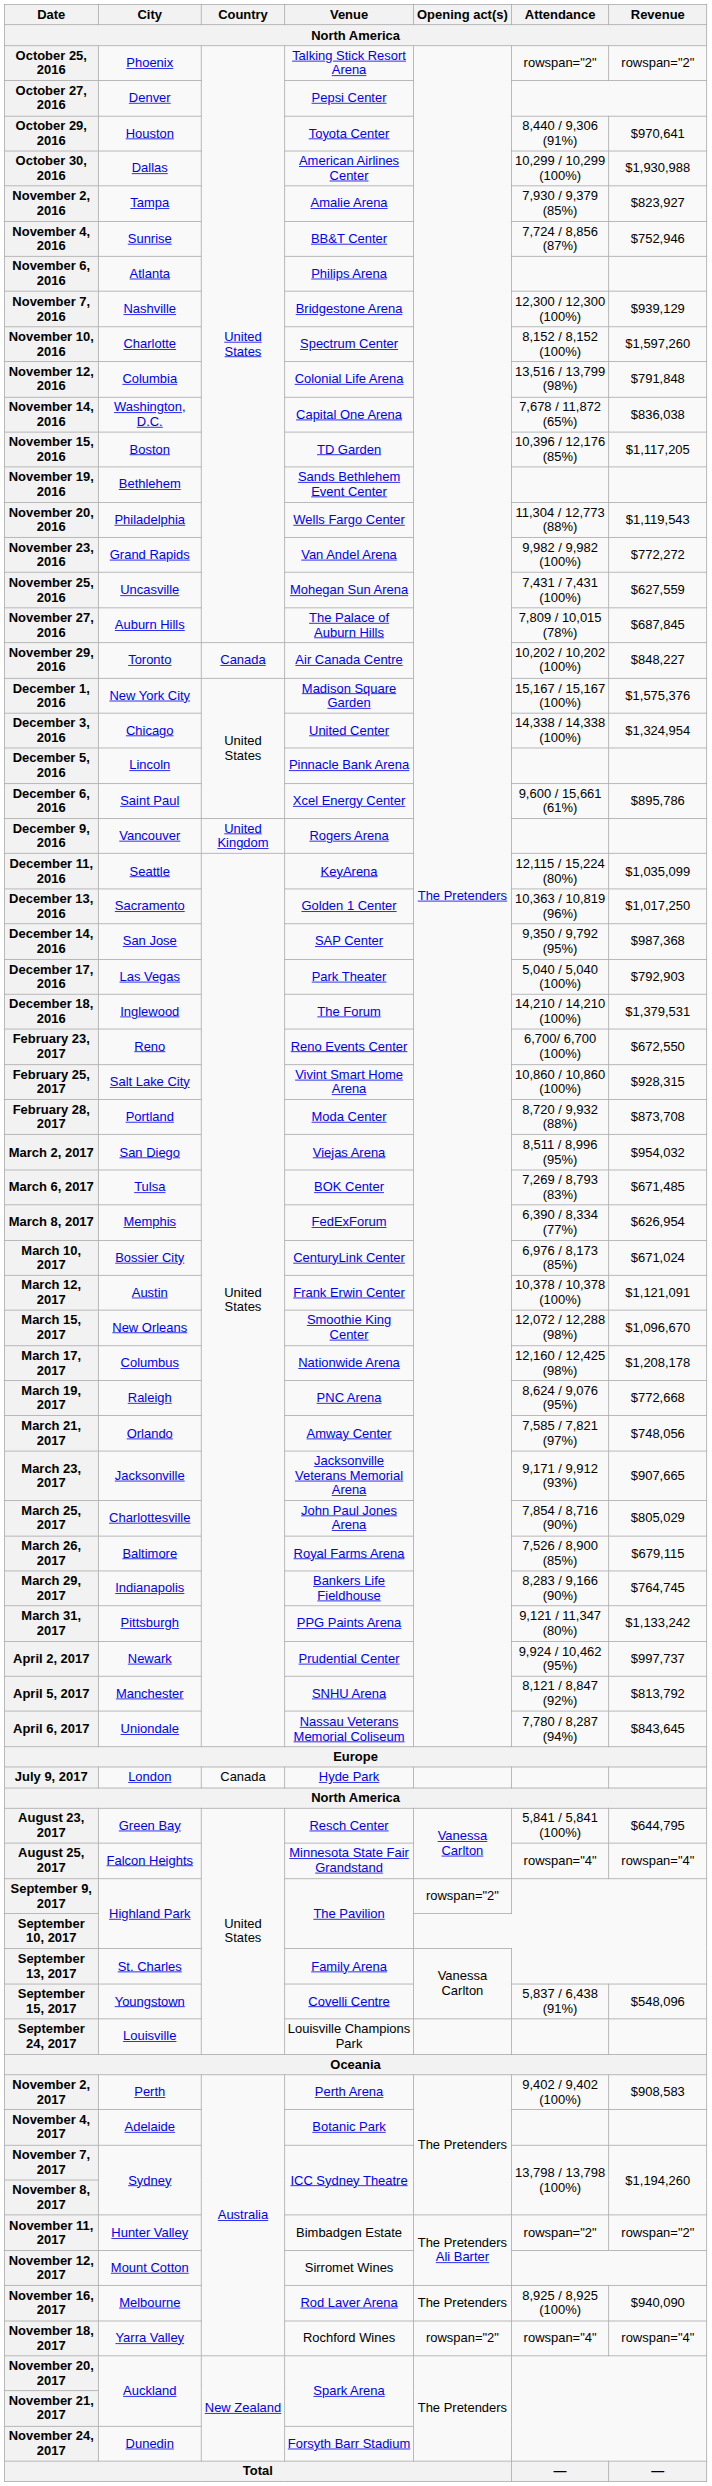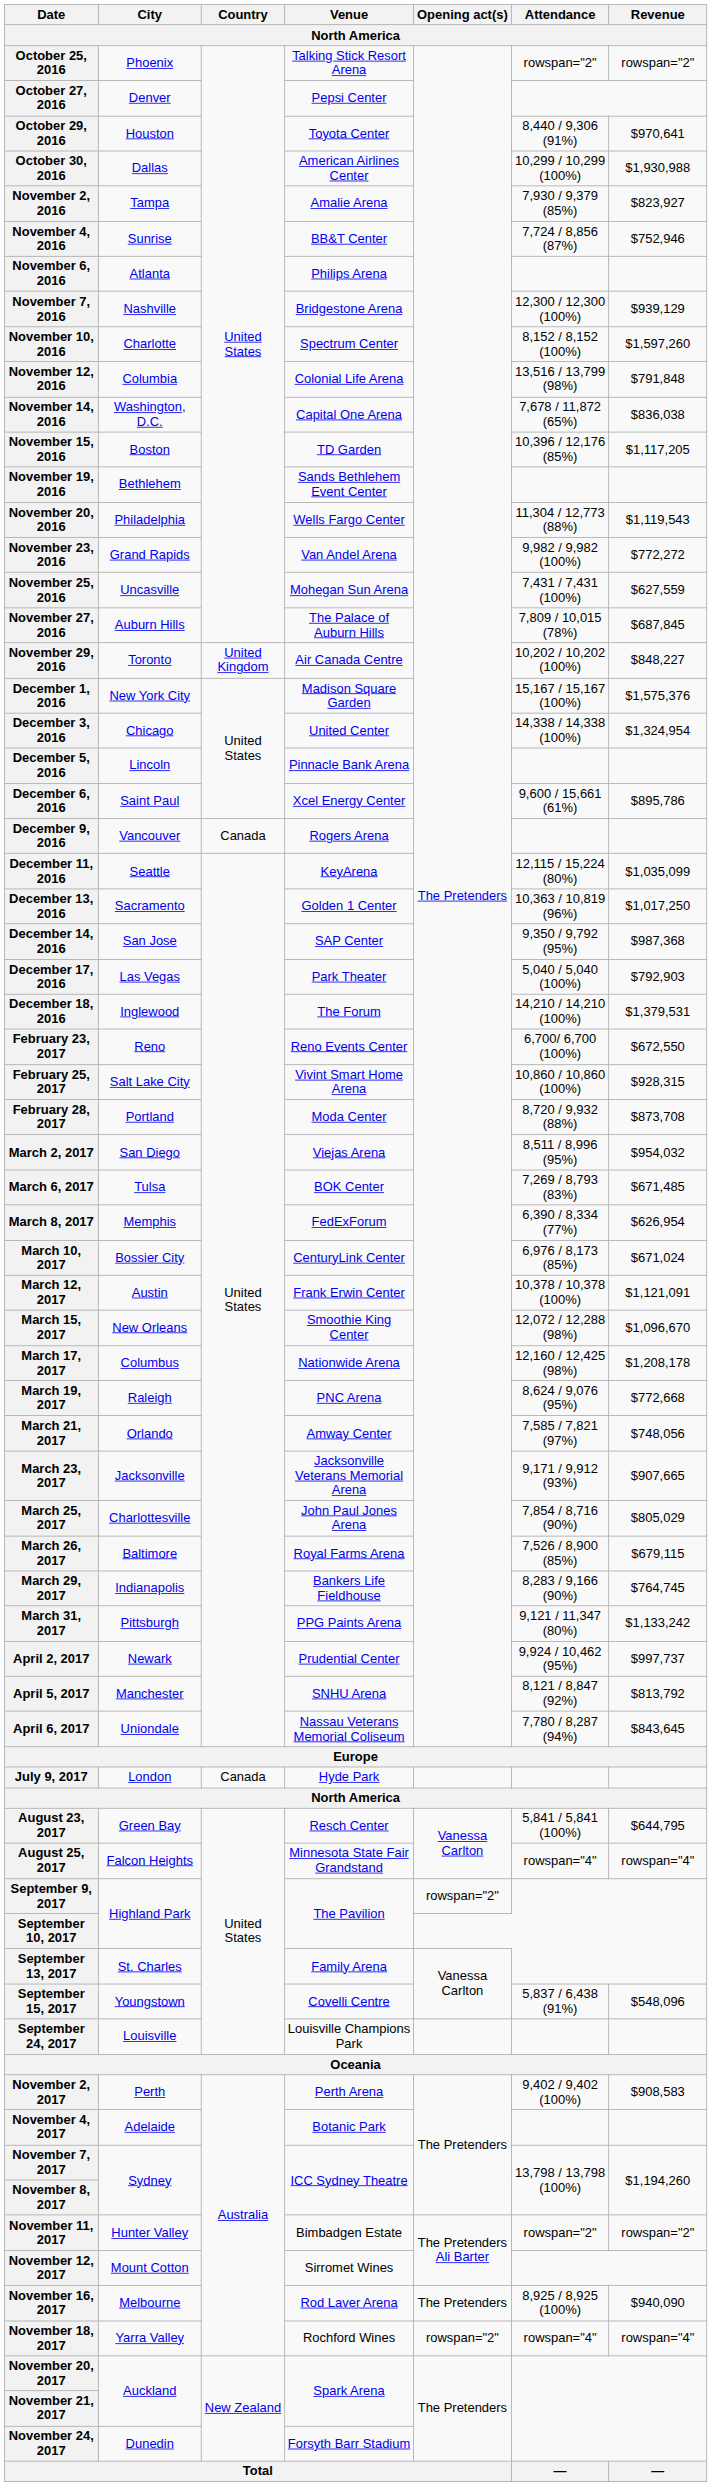 <table class="wikitable plainrowheaders" style="text-align: center;">
 <tr>
 <th scope="col" style="width:10em;">Date</th>
 <th scope="col" style="width:10em;">City</th>
 <th scope="col" style="width:10em;">Country</th>
 <th scope="col" style="width:17em;">Venue</th>
 <th scope="col" style="width:10em;">Opening act(s)</th>
 <th scope="col" style="width:10em;">Attendance</th>
 <th scope="col" style="width:10em;">Revenue</th>
 </tr>
 <tr>
 <th colspan="7">North America</th>
 </tr>
 <tr>
 <th scope="row" style="text-align:center;">October 25, 2016</th>
 <td><a href='#'>Phoenix</a></td>
 <td rowspan="17"><a href='#'>United States</a></td>
 <td><a href='#'>Talking Stick Resort Arena</a></td>
 <td rowspan="48"><a href='#'>The Pretenders</a></td>
 <td>rowspan="2" </td>
 <td>rowspan="2" </td>
 </tr>
 <tr>
 <th scope="row" style="text-align:center;">October 27, 2016</th>
 <td><a href='#'>Denver</a></td>
 <td><a href='#'>Pepsi Center</a></td>
 </tr>
 <tr>
 <th scope="row" style="text-align:center;">October 29, 2016</th>
 <td><a href='#'>Houston</a></td>
 <td><a href='#'>Toyota Center</a></td>
 <td>8,440 / 9,306 (91%)</td>
 <td>$970,641</td>
 </tr>
 <tr>
 <th scope="row" style="text-align:center;">October 30, 2016</th>
 <td><a href='#'>Dallas</a></td>
 <td><a href='#'>American Airlines Center</a></td>
 <td>10,299 / 10,299 (100%)</td>
 <td>$1,930,988</td>
 </tr>
 <tr>
 <th scope="row" style="text-align:center;">November 2, 2016</th>
 <td><a href='#'>Tampa</a></td>
 <td><a href='#'>Amalie Arena</a></td>
 <td>7,930 / 9,379 (85%)</td>
 <td>$823,927</td>
 </tr>
 <tr>
 <th scope="row" style="text-align:center;">November 4, 2016</th>
 <td><a href='#'>Sunrise</a></td>
 <td><a href='#'>BB&T Center</a></td>
 <td>7,724 / 8,856 (87%)</td>
 <td>$752,946</td>
 </tr>
 <tr>
 <th scope="row" style="text-align:center;">November 6, 2016</th>
 <td><a href='#'>Atlanta</a></td>
 <td><a href='#'>Philips Arena</a></td>
 <td></td>
 <td></td>
 </tr>
 <tr>
 <th scope="row" style="text-align:center;">November 7, 2016</th>
 <td><a href='#'>Nashville</a></td>
 <td><a href='#'>Bridgestone Arena</a></td>
 <td>12,300 / 12,300 (100%)</td>
 <td>$939,129</td>
 </tr>
 <tr>
 <th scope="row" style="text-align:center;">November 10, 2016</th>
 <td><a href='#'>Charlotte</a></td>
 <td><a href='#'>Spectrum Center</a></td>
 <td>8,152 / 8,152 (100%)</td>
 <td>$1,597,260</td>
 </tr>
 <tr>
 <th scope="row" style="text-align:center;">November 12, 2016</th>
 <td><a href='#'>Columbia</a></td>
 <td><a href='#'>Colonial Life Arena</a></td>
 <td>13,516 / 13,799 (98%)</td>
 <td>$791,848</td>
 </tr>
 <tr>
 <th scope="row" style="text-align:center;">November 14, 2016</th>
 <td><a href='#'>Washington, D.C.</a></td>
 <td><a href='#'>Capital One Arena</a></td>
 <td>7,678 / 11,872 (65%)</td>
 <td>$836,038</td>
 </tr>
 <tr>
 <th scope="row" style="text-align:center;">November 15, 2016</th>
 <td><a href='#'>Boston</a></td>
 <td><a href='#'>TD Garden</a></td>
 <td>10,396 / 12,176 (85%)</td>
 <td>$1,117,205</td>
 </tr>
 <tr>
 <th scope="row" style="text-align:center;">November 19, 2016</th>
 <td><a href='#'>Bethlehem</a></td>
 <td><a href='#'>Sands Bethlehem Event Center</a></td>
 <td></td>
 <td></td>
 </tr>
 <tr>
 <th scope="row" style="text-align:center;">November 20, 2016</th>
 <td><a href='#'>Philadelphia</a></td>
 <td><a href='#'>Wells Fargo Center</a></td>
 <td>11,304 / 12,773 (88%)</td>
 <td>$1,119,543</td>
 </tr>
 <tr>
 <th scope="row" style="text-align:center;">November 23, 2016</th>
 <td><a href='#'>Grand Rapids</a></td>
 <td><a href='#'>Van Andel Arena</a></td>
 <td>9,982 / 9,982 (100%)</td>
 <td>$772,272</td>
 </tr>
 <tr>
 <th scope="row" style="text-align:center;">November 25, 2016</th>
 <td><a href='#'>Uncasville</a></td>
 <td><a href='#'>Mohegan Sun Arena</a></td>
 <td>7,431 / 7,431 (100%)</td>
 <td>$627,559</td>
 </tr>
 <tr>
 <th scope="row" style="text-align:center;">November 27, 2016</th>
 <td><a href='#'>Auburn Hills</a></td>
 <td><a href='#'>The Palace of Auburn Hills</a></td>
 <td>7,809 / 10,015 (78%)</td>
 <td>$687,845</td>
 </tr>
 <tr>
 <th scope="row" style="text-align:center;">November 29, 2016</th>
 <td><a href='#'>Toronto</a></td>
-<td><a href='#'>Canada</a></td>
+<td><a href='#'>United Kingdom</a></td>
 <td><a href='#'>Air Canada Centre</a></td>
 <td>10,202 / 10,202 (100%)</td>
 <td>$848,227</td>
 </tr>
 <tr>
 <th scope="row" style="text-align:center;">December 1, 2016</th>
 <td><a href='#'>New York City</a></td>
 <td rowspan="4">United States</td>
 <td><a href='#'>Madison Square Garden</a></td>
 <td>15,167 / 15,167 (100%)</td>
 <td>$1,575,376</td>
 </tr>
 <tr>
 <th scope="row" style="text-align:center;">December 3, 2016</th>
 <td><a href='#'>Chicago</a></td>
 <td><a href='#'>United Center</a></td>
 <td>14,338 / 14,338 (100%)</td>
 <td>$1,324,954</td>
 </tr>
 <tr>
 <th scope="row" style="text-align:center;">December 5, 2016</th>
 <td><a href='#'>Lincoln</a></td>
 <td><a href='#'>Pinnacle Bank Arena</a></td>
 <td></td>
 <td></td>
 </tr>
 <tr>
 <th scope="row" style="text-align:center;">December 6, 2016</th>
 <td><a href='#'>Saint Paul</a></td>
 <td><a href='#'>Xcel Energy Center</a></td>
 <td>9,600 / 15,661 (61%)</td>
 <td>$895,786</td>
 </tr>
 <tr>
 <th scope="row" style="text-align:center;">December 9, 2016</th>
 <td><a href='#'>Vancouver</a></td>
-<td><a href='#'>United Kingdom</a></td>
+<td>Canada</td>
 <td><a href='#'>Rogers Arena</a></td>
 <td></td>
 <td></td>
 </tr>
 <tr>
 <th scope="row" style="text-align:center;">December 11, 2016</th>
 <td><a href='#'>Seattle</a></td>
 <td rowspan="25">United States</td>
 <td><a href='#'>KeyArena</a></td>
 <td>12,115 / 15,224 (80%)</td>
 <td>$1,035,099</td>
 </tr>
 <tr>
 <th scope="row" style="text-align:center;">December 13, 2016</th>
 <td><a href='#'>Sacramento</a></td>
 <td><a href='#'>Golden 1 Center</a></td>
 <td>10,363 / 10,819 (96%)</td>
 <td>$1,017,250</td>
 </tr>
 <tr>
 <th scope="row" style="text-align:center;">December 14, 2016</th>
 <td><a href='#'>San Jose</a></td>
 <td><a href='#'>SAP Center</a></td>
 <td>9,350 / 9,792 (95%)</td>
 <td>$987,368</td>
 </tr>
 <tr>
 <th scope="row" style="text-align:center;">December 17, 2016</th>
 <td><a href='#'>Las Vegas</a></td>
 <td><a href='#'>Park Theater</a></td>
 <td>5,040 / 5,040 (100%)</td>
 <td>$792,903</td>
 </tr>
 <tr>
 <th scope="row" style="text-align:center;">December 18, 2016</th>
 <td><a href='#'>Inglewood</a></td>
 <td><a href='#'>The Forum</a></td>
 <td>14,210 / 14,210 (100%)</td>
 <td>$1,379,531</td>
 </tr>
 <tr>
 <th scope="row" style="text-align:center;">February 23, 2017</th>
 <td><a href='#'>Reno</a></td>
 <td><a href='#'>Reno Events Center</a></td>
 <td>6,700/ 6,700 (100%)</td>
 <td>$672,550</td>
 </tr>
 <tr>
 <th scope="row" style="text-align:center;">February 25, 2017</th>
 <td><a href='#'>Salt Lake City</a></td>
 <td><a href='#'>Vivint Smart Home Arena</a></td>
 <td>10,860 / 10,860 (100%)</td>
 <td>$928,315</td>
 </tr>
 <tr>
 <th scope="row" style="text-align:center;">February 28, 2017</th>
 <td><a href='#'>Portland</a></td>
 <td><a href='#'>Moda Center</a></td>
 <td>8,720 / 9,932 (88%)</td>
 <td>$873,708</td>
 </tr>
 <tr>
 <th scope="row" style="text-align:center;">March 2, 2017</th>
 <td><a href='#'>San Diego</a></td>
 <td><a href='#'>Viejas Arena</a></td>
 <td>8,511 / 8,996 (95%)</td>
 <td>$954,032</td>
 </tr>
 <tr>
 <th scope="row" style="text-align:center;">March 6, 2017</th>
 <td><a href='#'>Tulsa</a></td>
 <td><a href='#'>BOK Center</a></td>
 <td>7,269 / 8,793 (83%)</td>
 <td>$671,485</td>
 </tr>
 <tr>
 <th scope="row" style="text-align:center;">March 8, 2017</th>
 <td><a href='#'>Memphis</a></td>
 <td><a href='#'>FedExForum</a></td>
 <td>6,390 / 8,334 (77%)</td>
 <td>$626,954</td>
 </tr>
 <tr>
 <th scope="row" style="text-align:center;">March 10, 2017</th>
 <td><a href='#'>Bossier City</a></td>
 <td><a href='#'>CenturyLink Center</a></td>
 <td>6,976 / 8,173 (85%)</td>
 <td>$671,024</td>
 </tr>
 <tr>
 <th scope="row" style="text-align:center;">March 12, 2017</th>
 <td><a href='#'>Austin</a></td>
 <td><a href='#'>Frank Erwin Center</a></td>
 <td>10,378 / 10,378 (100%)</td>
 <td>$1,121,091</td>
 </tr>
 <tr>
 <th scope="row" style="text-align:center;">March 15, 2017</th>
 <td><a href='#'>New Orleans</a></td>
 <td><a href='#'>Smoothie King Center</a></td>
 <td>12,072 / 12,288 (98%)</td>
 <td>$1,096,670</td>
 </tr>
 <tr>
 <th scope="row" style="text-align:center;">March 17, 2017</th>
 <td><a href='#'>Columbus</a></td>
 <td><a href='#'>Nationwide Arena</a></td>
 <td>12,160 / 12,425 (98%)</td>
 <td>$1,208,178</td>
 </tr>
 <tr>
 <th scope="row" style="text-align:center;">March 19, 2017</th>
 <td><a href='#'>Raleigh</a></td>
 <td><a href='#'>PNC Arena</a></td>
 <td>8,624 / 9,076 (95%)</td>
 <td>$772,668</td>
 </tr>
 <tr>
 <th scope="row" style="text-align:center;">March 21, 2017</th>
 <td><a href='#'>Orlando</a></td>
 <td><a href='#'>Amway Center</a></td>
 <td>7,585 / 7,821 (97%)</td>
 <td>$748,056</td>
 </tr>
 <tr>
 <th scope="row" style="text-align:center;">March 23, 2017</th>
 <td><a href='#'>Jacksonville</a></td>
 <td><a href='#'>Jacksonville Veterans Memorial Arena</a></td>
 <td>9,171 / 9,912 (93%)</td>
 <td>$907,665</td>
 </tr>
 <tr>
 <th scope="row" style="text-align:center;">March 25, 2017</th>
 <td><a href='#'>Charlottesville</a></td>
 <td><a href='#'>John Paul Jones Arena</a></td>
 <td>7,854 / 8,716 (90%)</td>
 <td>$805,029</td>
 </tr>
 <tr>
 <th scope="row" style="text-align:center;">March 26, 2017</th>
 <td><a href='#'>Baltimore</a></td>
 <td><a href='#'>Royal Farms Arena</a></td>
 <td>7,526 / 8,900 (85%)</td>
 <td>$679,115</td>
 </tr>
 <tr>
 <th scope="row" style="text-align:center;">March 29, 2017</th>
 <td><a href='#'>Indianapolis</a></td>
 <td><a href='#'>Bankers Life Fieldhouse</a></td>
 <td>8,283 / 9,166 (90%)</td>
 <td>$764,745</td>
 </tr>
 <tr>
 <th scope="row" style="text-align:center;">March 31, 2017</th>
 <td><a href='#'>Pittsburgh</a></td>
 <td><a href='#'>PPG Paints Arena</a></td>
 <td>9,121 / 11,347 (80%)</td>
 <td>$1,133,242</td>
 </tr>
 <tr>
 <th scope="row" style="text-align:center;">April 2, 2017</th>
 <td><a href='#'>Newark</a></td>
 <td><a href='#'>Prudential Center</a></td>
 <td>9,924 / 10,462 (95%)</td>
 <td>$997,737</td>
 </tr>
 <tr>
 <th scope="row" style="text-align:center;">April 5, 2017</th>
 <td><a href='#'>Manchester</a></td>
 <td><a href='#'>SNHU Arena</a></td>
 <td>8,121 / 8,847 (92%)</td>
 <td>$813,792</td>
 </tr>
 <tr>
 <th scope="row" style="text-align:center;">April 6, 2017</th>
 <td><a href='#'>Uniondale</a></td>
 <td><a href='#'>Nassau Veterans Memorial Coliseum</a></td>
 <td>7,780 / 8,287 (94%)</td>
 <td>$843,645</td>
 </tr>
 <tr>
 <th colspan="7">Europe</th>
 </tr>
 <tr>
 <th scope="row" style="text-align:center;">July 9, 2017</th>
 <td><a href='#'>London</a></td>
 <td>Canada</td>
 <td><a href='#'>Hyde Park</a></td>
 <td></td>
 <td></td>
 <td></td>
 </tr>
 <tr>
 <th colspan="7">North America</th>
 </tr>
 <tr>
 <th scope="row" style="text-align:center;">August 23, 2017</th>
 <td><a href='#'>Green Bay</a></td>
 <td rowspan="7">United States</td>
 <td><a href='#'>Resch Center</a></td>
 <td rowspan="2"><a href='#'>Vanessa Carlton</a></td>
 <td>5,841 / 5,841 (100%)</td>
 <td>$644,795</td>
 </tr>
 <tr>
 <th scope="row" style="text-align:center;">August 25, 2017</th>
 <td><a href='#'>Falcon Heights</a></td>
 <td><a href='#'>Minnesota State Fair Grandstand</a></td>
 <td>rowspan="4" </td>
 <td>rowspan="4" </td>
 </tr>
 <tr>
 <th scope="row" style="text-align:center;">September 9, 2017</th>
 <td rowspan="2"><a href='#'>Highland Park</a></td>
 <td rowspan="2"><a href='#'>The Pavilion</a></td>
 <td>rowspan="2" </td>
 </tr>
 <tr>
 <th scope="row" style="text-align:center;">September 10, 2017</th>
 </tr>
 <tr>
 <th scope="row" style="text-align:center;">September 13, 2017</th>
 <td><a href='#'>St. Charles</a></td>
 <td><a href='#'>Family Arena</a></td>
 <td rowspan="2">Vanessa Carlton</td>
 </tr>
 <tr>
 <th scope="row" style="text-align:center;">September 15, 2017</th>
 <td><a href='#'>Youngstown</a></td>
 <td><a href='#'>Covelli Centre</a></td>
 <td>5,837 / 6,438 (91%)</td>
 <td>$548,096</td>
 </tr>
 <tr>
 <th scope="row" style="text-align:center;">September 24, 2017</th>
 <td><a href='#'>Louisville</a></td>
 <td>Louisville Champions Park</td>
 <td></td>
 <td></td>
 <td></td>
 </tr>
 <tr>
 <th colspan="7">Oceania</th>
 </tr>
 <tr>
 <th scope="row" style="text-align:center;">November 2, 2017</th>
 <td><a href='#'>Perth</a></td>
 <td rowspan="8"><a href='#'>Australia</a></td>
 <td><a href='#'>Perth Arena</a></td>
 <td rowspan="4">The Pretenders</td>
 <td>9,402 / 9,402 (100%)</td>
 <td>$908,583</td>
 </tr>
 <tr>
 <th scope="row" style="text-align:center;">November 4, 2017</th>
 <td><a href='#'>Adelaide</a></td>
 <td><a href='#'>Botanic Park</a></td>
 <td></td>
 <td></td>
 </tr>
 <tr>
 <th scope="row" style="text-align:center;">November 7, 2017</th>
 <td rowspan="2"><a href='#'>Sydney</a></td>
 <td rowspan="2"><a href='#'>ICC Sydney Theatre</a></td>
 <td rowspan="2">13,798 / 13,798 (100%)</td>
 <td rowspan="2">$1,194,260</td>
 </tr>
 <tr>
 <th scope="row" style="text-align:center;">November 8, 2017</th>
 </tr>
 <tr>
 <th scope="row" style="text-align:center;">November 11, 2017</th>
 <td><a href='#'>Hunter Valley</a></td>
 <td>Bimbadgen Estate</td>
 <td rowspan="2">The Pretenders<br><a href='#'>Ali Barter</a></td>
 <td>rowspan="2" </td>
 <td>rowspan="2" </td>
 </tr>
 <tr>
 <th scope="row" style="text-align:center;">November 12, 2017</th>
 <td><a href='#'>Mount Cotton</a></td>
 <td>Sirromet Wines</td>
 </tr>
 <tr>
 <th scope="row" style="text-align:center;">November 16, 2017</th>
 <td><a href='#'>Melbourne</a></td>
 <td><a href='#'>Rod Laver Arena</a></td>
 <td>The Pretenders</td>
 <td>8,925 / 8,925 (100%)</td>
 <td>$940,090</td>
 </tr>
 <tr>
 <th scope="row" style="text-align:center;">November 18, 2017</th>
 <td><a href='#'>Yarra Valley</a></td>
 <td>Rochford Wines</td>
 <td>rowspan="2" </td>
 <td>rowspan="4" </td>
 <td>rowspan="4" </td>
 </tr>
 <tr>
 <th scope="row" style="text-align:center;">November 20, 2017</th>
 <td rowspan="2"><a href='#'>Auckland</a></td>
 <td rowspan="3"><a href='#'>New Zealand</a></td>
 <td rowspan="2"><a href='#'>Spark Arena</a></td>
 <td rowspan="3">The Pretenders</td>
 </tr>
 <tr>
 <th scope="row" style="text-align:center;">November 21, 2017</th>
 </tr>
 <tr>
 <th scope="row" style="text-align:center;">November 24, 2017</th>
 <td><a href='#'>Dunedin</a></td>
 <td><a href='#'>Forsyth Barr Stadium</a></td>
 </tr>
 <tr>
 <th colspan="5">Total</th>
 <th>—</th>
 <th>—</th>
 </tr>
 </table>
